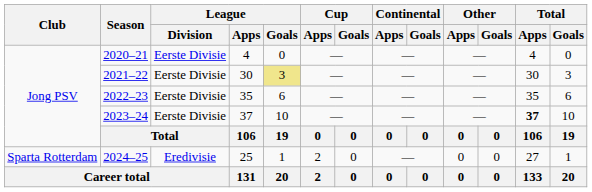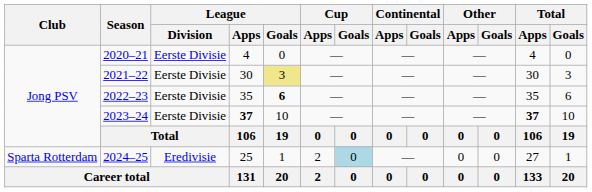 <table class="wikitable" Style="text-align: center">
 <tr>
 <th rowspan="2">Club</th>
 <th rowspan="2">Season</th>
 <th colspan="3">League</th>
 <th colspan="2">Cup</th>
 <th colspan="2">Continental</th>
 <th colspan="2">Other</th>
 <th colspan="2">Total</th>
 </tr>
 <tr>
 <th>Division</th>
 <th>Apps</th>
 <th>Goals</th>
 <th>Apps</th>
 <th>Goals</th>
 <th>Apps</th>
 <th>Goals</th>
 <th>Apps</th>
 <th>Goals</th>
 <th>Apps</th>
 <th>Goals</th>
 </tr>
 <tr>
 <td rowspan="5"><a href='#'>Jong PSV</a></td>
 <td><a href='#'>2020–21</a></td>
 <td><a href='#'>Eerste Divisie</a></td>
 <td>4</td>
 <td>0</td>
 <td colspan="2">—</td>
 <td colspan="2">—</td>
 <td colspan="2">—</td>
 <td>4</td>
 <td>0</td>
 </tr>
 <tr>
 <td><a href='#'>2021–22</a></td>
 <td>Eerste Divisie</td>
 <td>30</td>
 <td style="background: khaki;">3</td>
 <td colspan="2">—</td>
 <td colspan="2">—</td>
 <td colspan="2">—</td>
 <td>30</td>
 <td>3</td>
 </tr>
 <tr>
 <td><a href='#'>2022–23</a></td>
 <td>Eerste Divisie</td>
 <td>35</td>
-<td>6</td>
+<td><strong>6</strong></td>
 <td colspan="2">—</td>
 <td colspan="2">—</td>
 <td colspan="2">—</td>
 <td>35</td>
 <td>6</td>
 </tr>
 <tr>
 <td><a href='#'>2023–24</a></td>
 <td>Eerste Divisie</td>
-<td>37</td>
+<td><strong>37</strong></td>
 <td>10</td>
 <td colspan="2">—</td>
 <td colspan="2">—</td>
 <td colspan="2">—</td>
 <td><strong>37</strong></td>
 <td>10</td>
 </tr>
 <tr>
 <th colspan="2">Total</th>
 <th>106</th>
 <th>19</th>
 <th>0</th>
 <th>0</th>
 <th>0</th>
 <th>0</th>
 <th>0</th>
 <th>0</th>
 <th>106</th>
 <th>19</th>
 </tr>
 <tr>
 <td><a href='#'>Sparta Rotterdam</a></td>
 <td><a href='#'>2024–25</a></td>
 <td><a href='#'>Eredivisie</a></td>
 <td>25</td>
 <td>1</td>
 <td>2</td>
-<td>0</td>
+<td style="background: lightblue;">0</td>
 <td colspan="2">—</td>
 <td>0</td>
 <td>0</td>
 <td>27</td>
 <td>1</td>
 </tr>
 <tr>
 <th colspan="3">Career total</th>
 <th>131</th>
 <th>20</th>
 <th>2</th>
 <th>0</th>
 <th>0</th>
 <th>0</th>
 <th>0</th>
 <th>0</th>
 <th>133</th>
 <th>20</th>
 </tr>
 </table>
